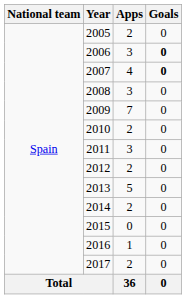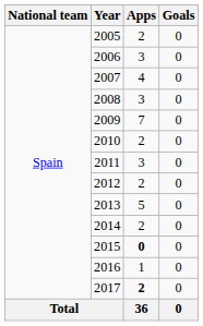 <table class="wikitable" style="text-align:center">
 <tr>
 <th>National team</th>
 <th>Year</th>
 <th>Apps</th>
 <th>Goals</th>
 </tr>
 <tr>
 <td rowspan="13"><a href='#'>Spain</a></td>
 <td>2005</td>
 <td>2</td>
 <td>0</td>
 </tr>
 <tr>
 <td>2006</td>
 <td>3</td>
-<td><strong>0</strong></td>
+<td>0</td>
 </tr>
 <tr>
 <td>2007</td>
 <td>4</td>
-<td><strong>0</strong></td>
+<td>0</td>
 </tr>
 <tr>
 <td>2008</td>
 <td>3</td>
 <td>0</td>
 </tr>
 <tr>
 <td>2009</td>
 <td>7</td>
 <td>0</td>
 </tr>
 <tr>
 <td>2010</td>
 <td>2</td>
 <td>0</td>
 </tr>
 <tr>
 <td>2011</td>
 <td>3</td>
 <td>0</td>
 </tr>
 <tr>
 <td>2012</td>
 <td>2</td>
 <td>0</td>
 </tr>
 <tr>
 <td>2013</td>
 <td>5</td>
 <td>0</td>
 </tr>
 <tr>
 <td>2014</td>
 <td>2</td>
 <td>0</td>
 </tr>
 <tr>
 <td>2015</td>
-<td>0</td>
+<td><strong>0</strong></td>
 <td>0</td>
 </tr>
 <tr>
 <td>2016</td>
 <td>1</td>
 <td>0</td>
 </tr>
 <tr>
 <td>2017</td>
-<td>2</td>
+<td><strong>2</strong></td>
 <td>0</td>
 </tr>
 <tr>
 <th colspan="2">Total</th>
 <th>36</th>
 <th>0</th>
 </tr>
 </table>
